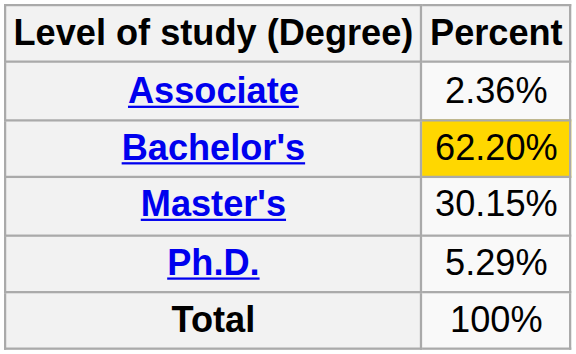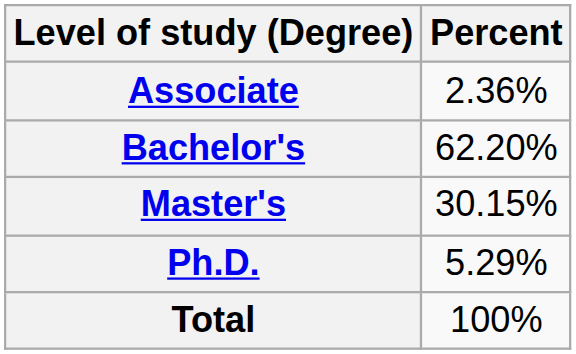 <table class="wikitable" style="text-align:center">
 <tr>
 <th>Level of study (Degree)</th>
 <th>Percent</th>
 </tr>
 <tr>
 <th><a href='#'>Associate</a></th>
 <td>2.36%</td>
 </tr>
 <tr>
 <th><a href='#'>Bachelor's</a></th>
-<td style="background: gold;">62.20%</td>
+<td>62.20%</td>
 </tr>
 <tr>
 <th><a href='#'>Master's</a></th>
 <td>30.15%</td>
 </tr>
 <tr>
 <th><a href='#'>Ph.D.</a></th>
 <td>5.29%</td>
 </tr>
 <tr>
 <th>Total</th>
 <td>100%</td>
 </tr>
 </table>
